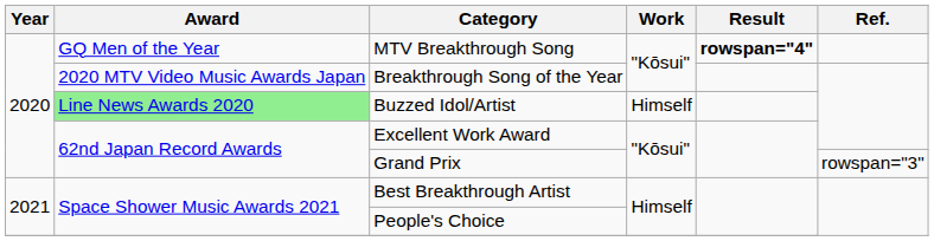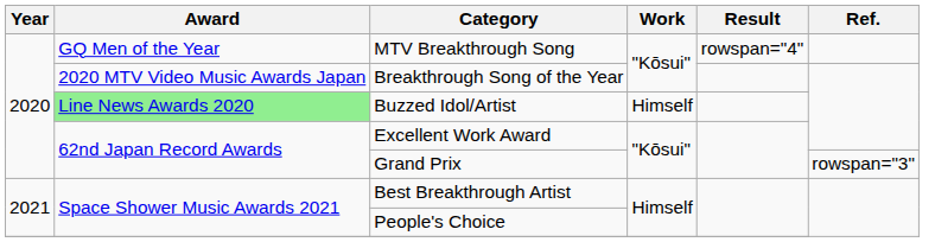 <table class="wikitable">
 <tr>
 <th scope="col">Year</th>
 <th scope="col">Award</th>
 <th>Category</th>
 <th scope="col">Work</th>
 <th scope="col">Result</th>
 <th scope="col">Ref.</th>
 </tr>
 <tr>
 <td rowspan="5">2020</td>
 <td><a href='#'>GQ Men of the Year</a></td>
 <td>MTV Breakthrough Song</td>
 <td rowspan="2">"Kōsui"</td>
-<td><strong>rowspan="4" </strong></td>
+<td>rowspan="4" </td>
 <td></td>
 </tr>
 <tr>
 <td><a href='#'>2020 MTV Video Music Awards Japan</a></td>
 <td>Breakthrough Song of the Year</td>
 <td></td>
 </tr>
 <tr>
 <td style="background: lightgreen;"><a href='#'>Line News Awards 2020</a></td>
 <td>Buzzed Idol/Artist</td>
 <td>Himself</td>
 <td></td>
 </tr>
 <tr>
 <td rowspan="2"><a href='#'>62nd Japan Record Awards</a></td>
 <td>Excellent Work Award</td>
 <td rowspan="2">"Kōsui"</td>
 <td rowspan="2"></td>
 </tr>
 <tr>
 <td>Grand Prix</td>
 <td>rowspan="3" </td>
 </tr>
 <tr>
 <td rowspan="2">2021</td>
 <td rowspan="2"><a href='#'>Space Shower Music Awards 2021</a></td>
 <td>Best Breakthrough Artist</td>
 <td rowspan="2">Himself</td>
 <td rowspan="2"></td>
 </tr>
 <tr>
 <td>People's Choice</td>
 </tr>
 <tr>
 </tr>
 </table>
